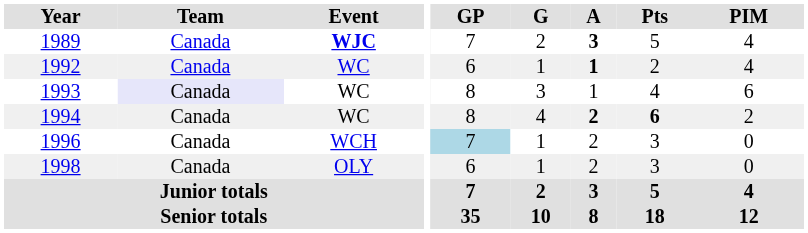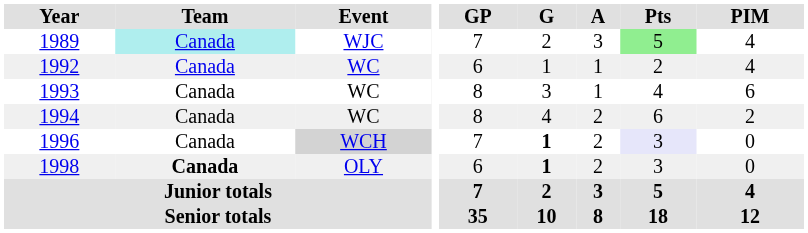 <table border="0" cellpadding="1" cellspacing="0" ID="Table3" style="text-align:center; width:40em;">
 <tr bgcolor="#e0e0e0">
 <th>Year</th>
 <th>Team</th>
 <th>Event</th>
 <th rowspan="102" bgcolor="#ffffff"></th>
 <th>GP</th>
 <th>G</th>
 <th>A</th>
 <th>Pts</th>
 <th>PIM</th>
 </tr>
 <tr>
 <td><a href='#'>1989</a></td>
-<td><a href='#'>Canada</a></td>
-<td><strong><a href='#'>WJC</a></strong></td>
+<td style="background: paleturquoise;"><a href='#'>Canada</a></td>
+<td><a href='#'>WJC</a></td>
 <td>7</td>
 <td>2</td>
-<td><strong>3</strong></td>
-<td>5</td>
+<td>3</td>
+<td style="background: lightgreen;">5</td>
 <td>4</td>
 </tr>
 <tr bgcolor="#f0f0f0">
 <td><a href='#'>1992</a></td>
 <td><a href='#'>Canada</a></td>
 <td><a href='#'>WC</a></td>
 <td>6</td>
 <td>1</td>
-<td><strong>1</strong></td>
+<td>1</td>
 <td>2</td>
 <td>4</td>
 </tr>
 <tr>
 <td><a href='#'>1993</a></td>
-<td style="background: lavender;">Canada</td>
+<td>Canada</td>
 <td>WC</td>
 <td>8</td>
 <td>3</td>
 <td>1</td>
 <td>4</td>
 <td>6</td>
 </tr>
 <tr bgcolor="#f0f0f0">
 <td><a href='#'>1994</a></td>
 <td>Canada</td>
 <td>WC</td>
 <td>8</td>
 <td>4</td>
-<td><strong>2</strong></td>
-<td><strong>6</strong></td>
+<td>2</td>
+<td>6</td>
 <td>2</td>
 </tr>
 <tr>
 <td><a href='#'>1996</a></td>
 <td>Canada</td>
-<td><a href='#'>WCH</a></td>
-<td style="background: lightblue;">7</td>
-<td>1</td>
+<td style="background: lightgrey;"><a href='#'>WCH</a></td>
+<td>7</td>
+<td><strong>1</strong></td>
 <td>2</td>
-<td>3</td>
+<td style="background: lavender;">3</td>
 <td>0</td>
 </tr>
 <tr bgcolor="#f0f0f0">
 <td><a href='#'>1998</a></td>
-<td>Canada</td>
+<td><strong>Canada</strong></td>
 <td><a href='#'>OLY</a></td>
 <td>6</td>
-<td>1</td>
+<td><strong>1</strong></td>
 <td>2</td>
 <td>3</td>
 <td>0</td>
 </tr>
 <tr bgcolor="#e0e0e0">
 <th colspan="3">Junior totals</th>
 <th>7</th>
 <th>2</th>
 <th>3</th>
 <th>5</th>
 <th>4</th>
 </tr>
 <tr bgcolor="#e0e0e0">
 <th colspan="3">Senior totals</th>
 <th>35</th>
 <th>10</th>
 <th>8</th>
 <th>18</th>
 <th>12</th>
 </tr>
 </table>
